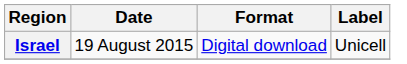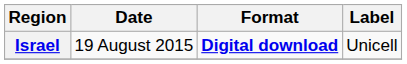 <table class="wikitable plainrowheaders">
 <tr>
 <th scope="col">Region</th>
 <th scope="col">Date</th>
 <th scope="col">Format</th>
 <th scope="col">Label</th>
 </tr>
 <tr>
 <th scope="row"><a href='#'>Israel</a></th>
 <td>19 August 2015</td>
-<td><a href='#'>Digital download</a></td>
+<td><strong><a href='#'>Digital download</a></strong></td>
 <td>Unicell</td>
 </tr>
 <tr>
 </tr>
 </table>
